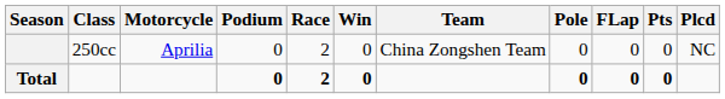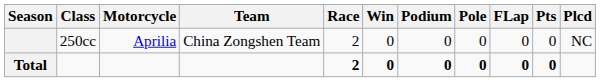 <table class="wikitable">
 <tr>
 <th>Season</th>
 <th>Class</th>
 <th>Motorcycle</th>
-<th>Podium</th>
+<th>Team</th>
 <th>Race</th>
 <th>Win</th>
-<th>Team</th>
+<th>Podium</th>
 <th>Pole</th>
 <th>FLap</th>
 <th>Pts</th>
 <th>Plcd</th>
 </tr>
 <tr align="right">
 <th></th>
 <td>250cc</td>
 <td><a href='#'>Aprilia</a></td>
-<td>0</td>
+<td>China Zongshen Team</td>
 <td>2</td>
 <td>0</td>
-<td>China Zongshen Team</td>
+<td>0</td>
 <td>0</td>
 <td>0</td>
 <td>0</td>
 <td>NC</td>
 </tr>
 <tr align="right">
 <th>Total</th>
 <td></td>
 <td></td>
-<td><strong>0</strong></td>
+<td></td>
 <td><strong>2</strong></td>
 <td><strong>0</strong></td>
-<td></td>
+<td><strong>0</strong></td>
 <td><strong>0</strong></td>
 <td><strong>0</strong></td>
 <td><strong>0</strong></td>
 <td></td>
 </tr>
 </table>
